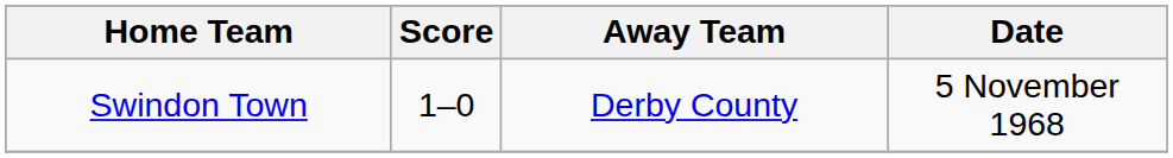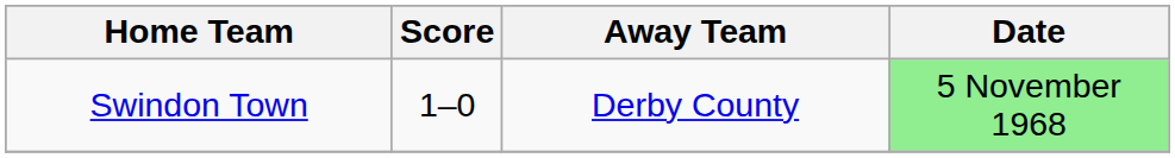 <table class="wikitable" style="text-align:center;">
 <tr>
 <th width=175>Home Team</th>
 <th width=20>Score</th>
 <th width=175>Away Team</th>
 <th width=125>Date</th>
 </tr>
 <tr>
 <td><a href='#'>Swindon Town</a></td>
 <td>1–0</td>
 <td><a href='#'>Derby County</a></td>
-<td>5 November 1968</td>
+<td style="background: lightgreen;">5 November 1968</td>
 </tr>
 <tr>
 </tr>
 </table>
